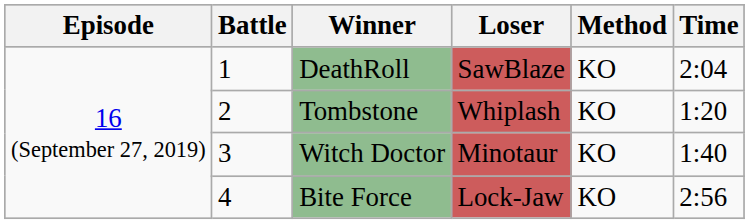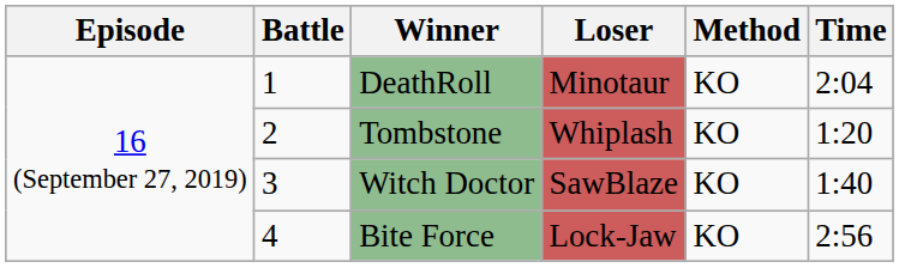 <table class="wikitable">
 <tr>
 <th>Episode</th>
 <th>Battle</th>
 <th>Winner</th>
 <th>Loser</th>
 <th>Method</th>
 <th>Time</th>
 </tr>
 <tr>
 <td style="text-align:center;" rowspan="4"><a href='#'>16</a><br><small>(September 27, 2019)</small></td>
 <td> 1</td>
 <td style="background:DarkSeaGreen;">DeathRoll</td>
-<td style="background:IndianRed;">SawBlaze</td>
+<td style="background:IndianRed;">Minotaur</td>
 <td>KO</td>
 <td>2:04</td>
 </tr>
 <tr>
 <td>2</td>
 <td style="background:DarkSeaGreen;">Tombstone</td>
 <td style="background:IndianRed;">Whiplash</td>
 <td>KO</td>
 <td>1:20</td>
 </tr>
 <tr>
 <td>3</td>
 <td style="background:DarkSeaGreen;">Witch Doctor</td>
-<td style="background:IndianRed;">Minotaur</td>
+<td style="background:IndianRed;">SawBlaze</td>
 <td>KO</td>
 <td>1:40</td>
 </tr>
 <tr>
 <td>4</td>
 <td style="background:DarkSeaGreen;">Bite Force</td>
 <td style="background:IndianRed;">Lock-Jaw</td>
 <td>KO</td>
 <td>2:56</td>
 </tr>
 </table>
